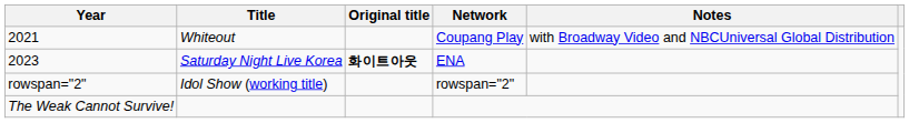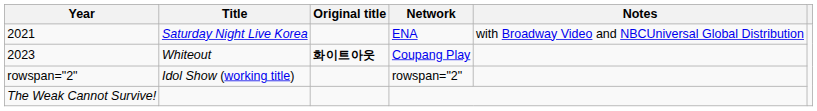 <table class="wikitable">
 <tr>
 <th>Year</th>
 <th>Title</th>
 <th>Original title</th>
 <th>Network</th>
 <th>Notes</th>
 <th></th>
 </tr>
 <tr>
 <td>2021</td>
-<td><em>Whiteout</em></td>
+<td><em><a href='#'>Saturday Night Live Korea</a></em></td>
 <td></td>
-<td><a href='#'>Coupang Play</a></td>
+<td><a href='#'>ENA</a></td>
 <td>with <a href='#'>Broadway Video</a> and <a href='#'>NBCUniversal Global Distribution</a></td>
 <td rowspan="4"></td>
 </tr>
 <tr>
 <td>2023</td>
-<td><em><a href='#'>Saturday Night Live Korea</a></em></td>
+<td><em>Whiteout</em></td>
 <td><strong>화이트아웃</strong></td>
-<td><a href='#'>ENA</a></td>
+<td><a href='#'>Coupang Play</a></td>
 <td></td>
 </tr>
 <tr>
 <td>rowspan="2" </td>
 <td><em>Idol Show</em> (<a href='#'>working title</a>)</td>
 <td></td>
 <td>rowspan="2" </td>
 <td></td>
 </tr>
 <tr>
 <td><em>The Weak Cannot Survive!</em></td>
 <td></td>
 <td></td>
 </tr>
 </table>
